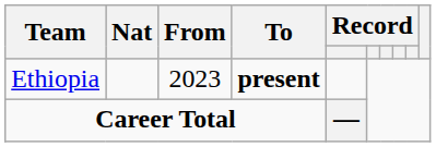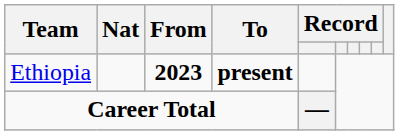 <table class="wikitable" style="text-align: center">
 <tr>
 <th rowspan="2">Team</th>
 <th rowspan="2">Nat</th>
 <th rowspan="2">From</th>
 <th rowspan="2">To</th>
 <th colspan="5">Record</th>
 <th rowspan=2></th>
 </tr>
 <tr>
 <th></th>
 <th></th>
 <th></th>
 <th></th>
 <th></th>
 </tr>
 <tr>
 <td align="left"><a href='#'>Ethiopia</a></td>
 <td align="center"></td>
-<td align="center">2023</td>
+<td align="center"><strong>2023</strong></td>
 <td align="center"><strong>present<br></strong></td>
 <td></td>
 </tr>
 <tr>
 <td colspan=4><strong>Career Total</strong><br></td>
 <th>—</th>
 </tr>
 </table>
